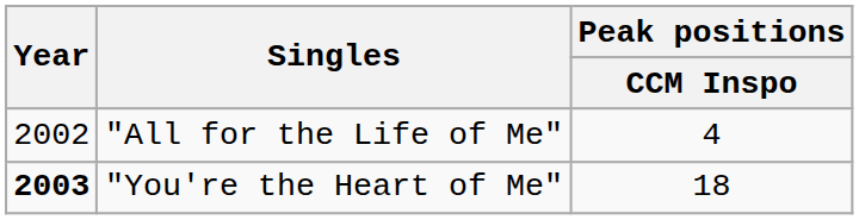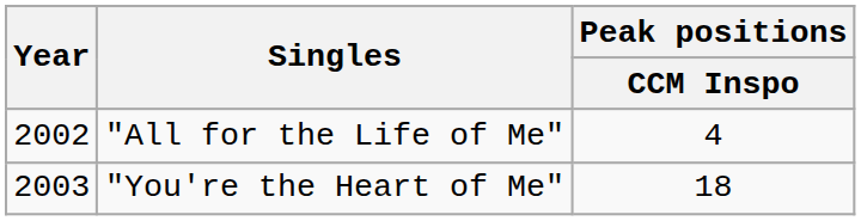 <table class="wikitable">
 <tr>
 <th rowspan="2">Year</th>
 <th rowspan="2">Singles</th>
 <th>Peak positions</th>
 </tr>
 <tr>
 <th>CCM Inspo</th>
 </tr>
 <tr>
 <td>2002</td>
 <td>"All for the Life of Me"</td>
 <td align="center">4</td>
 </tr>
 <tr>
-<td><strong>2003</strong></td>
+<td>2003</td>
 <td>"You're the Heart of Me"</td>
 <td align="center">18</td>
 </tr>
 </table>
